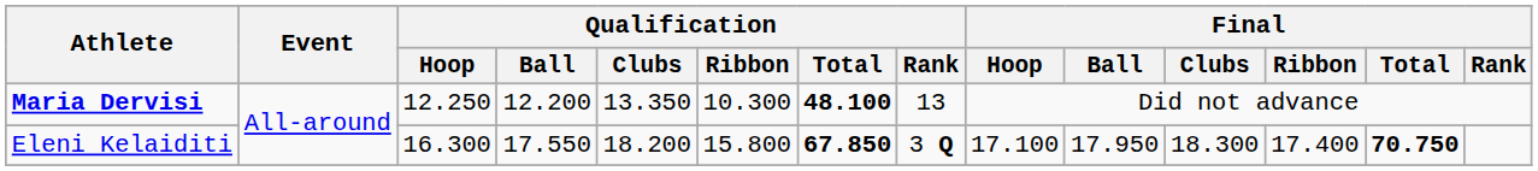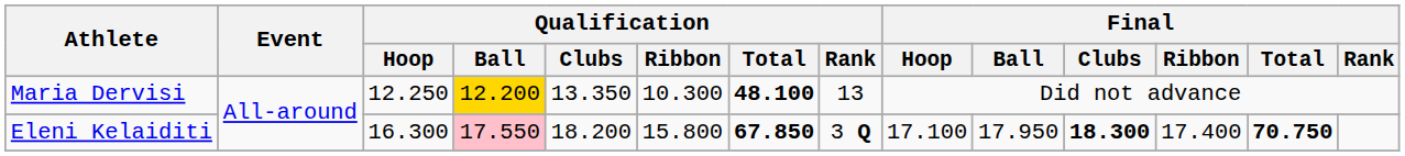 <table class=wikitable style="font-size:90%">
 <tr>
 <th rowspan="2">Athlete</th>
 <th rowspan="2">Event</th>
 <th colspan=6>Qualification</th>
 <th colspan=6>Final</th>
 </tr>
 <tr style="font-size:95%">
 <th>Hoop</th>
 <th>Ball</th>
 <th>Clubs</th>
 <th>Ribbon</th>
 <th>Total</th>
 <th>Rank</th>
 <th>Hoop</th>
 <th>Ball</th>
 <th>Clubs</th>
 <th>Ribbon</th>
 <th>Total</th>
 <th>Rank</th>
 </tr>
 <tr align=center>
-<td align=left><strong><a href='#'>Maria Dervisi</a></strong></td>
+<td align=left><a href='#'>Maria Dervisi</a></td>
 <td align=left rowspan=2><a href='#'>All-around</a></td>
 <td>12.250</td>
-<td>12.200</td>
+<td style="background: gold;">12.200</td>
 <td>13.350</td>
 <td>10.300</td>
 <td><strong>48.100</strong></td>
 <td>13</td>
 <td colspan=6>Did not advance</td>
 </tr>
 <tr align=center>
 <td align=left><a href='#'>Eleni Kelaiditi</a></td>
 <td>16.300</td>
-<td>17.550</td>
+<td style="background: pink;">17.550</td>
 <td>18.200</td>
 <td>15.800</td>
 <td><strong>67.850</strong></td>
 <td>3 <strong>Q</strong></td>
 <td>17.100</td>
 <td>17.950</td>
-<td>18.300</td>
+<td><strong>18.300</strong></td>
 <td>17.400</td>
 <td><strong>70.750</strong></td>
 <td></td>
 </tr>
 </table>
